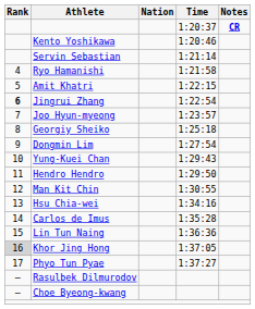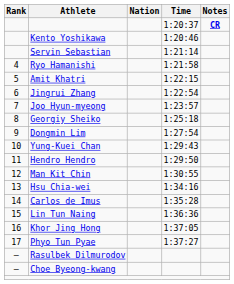 <table class="wikitable sortable" style="text-align:center;">
 <tr>
 <th scope="col" style="width: 10px;">Rank</th>
 <th scope="col">Athlete</th>
 <th scope="col">Nation</th>
 <th scope="col">Time</th>
 <th scope="col">Notes</th>
 </tr>
 <tr>
 <td></td>
 <td align=left></td>
 <td align=left></td>
 <td>1:20:37</td>
 <td><strong><a href='#'>CR</a></strong></td>
 </tr>
 <tr>
 <td></td>
 <td align=left><a href='#'>Kento Yoshikawa</a></td>
 <td align=left></td>
 <td>1:20:46</td>
 <td></td>
 </tr>
 <tr>
 <td></td>
 <td align=left><a href='#'>Servin Sebastian</a></td>
 <td align=left></td>
 <td>1:21:14</td>
 <td></td>
 </tr>
 <tr>
 <td>4</td>
 <td align=left><a href='#'>Ryo Hamanishi</a></td>
 <td align=left></td>
 <td>1:21:58</td>
 <td></td>
 </tr>
 <tr>
 <td>5</td>
 <td align=left><a href='#'>Amit Khatri</a></td>
 <td align=left></td>
 <td>1:22:15</td>
 <td></td>
 </tr>
 <tr>
-<td><strong>6</strong></td>
+<td>6</td>
 <td align=left><a href='#'>Jingrui Zhang</a></td>
 <td align=left></td>
 <td>1:22:54</td>
 <td></td>
 </tr>
 <tr>
 <td>7</td>
 <td align=left><a href='#'>Joo Hyun-myeong</a></td>
 <td align=left></td>
 <td>1:23:57</td>
 <td></td>
 </tr>
 <tr>
 <td>8</td>
 <td align=left><a href='#'>Georgiy Sheiko</a></td>
 <td align=left></td>
 <td>1:25:18</td>
 <td></td>
 </tr>
 <tr>
 <td>9</td>
 <td align=left><a href='#'>Dongmin Lim</a></td>
 <td align=left></td>
 <td>1:27:54</td>
 <td></td>
 </tr>
 <tr>
 <td>10</td>
 <td align=left><a href='#'>Yung-Kuei Chan</a></td>
 <td align=left></td>
 <td>1:29:43</td>
 <td></td>
 </tr>
 <tr>
 <td>11</td>
 <td align=left><a href='#'>Hendro Hendro</a></td>
 <td align=left></td>
 <td>1:29:50</td>
 <td></td>
 </tr>
 <tr>
 <td>12</td>
 <td align=left><a href='#'>Man Kit Chin</a></td>
 <td align=left></td>
 <td>1:30:55</td>
 <td></td>
 </tr>
 <tr>
 <td>13</td>
 <td align=left><a href='#'>Hsu Chia-wei</a></td>
 <td align=left></td>
 <td>1:34:16</td>
 <td></td>
 </tr>
 <tr>
 <td>14</td>
 <td align=left><a href='#'>Carlos de Imus</a></td>
 <td align=left></td>
 <td>1:35:28</td>
 <td></td>
 </tr>
 <tr>
 <td>15</td>
 <td align=left><a href='#'>Lin Tun Naing</a></td>
 <td align=left></td>
 <td>1:36:36</td>
 <td></td>
 </tr>
 <tr>
-<td style="background: lightgrey;">16</td>
+<td>16</td>
 <td align=left><a href='#'>Khor Jing Hong</a></td>
 <td align=left></td>
 <td>1:37:05</td>
 <td></td>
 </tr>
 <tr>
 <td>17</td>
 <td align=left><a href='#'>Phyo Tun Pyae</a></td>
 <td align=left></td>
 <td>1:37:27</td>
 <td></td>
 </tr>
 <tr>
 <td>—</td>
 <td align=left><a href='#'>Rasulbek Dilmurodov</a></td>
 <td align=left></td>
 <td></td>
 <td></td>
 </tr>
 <tr>
 <td>—</td>
 <td align=left><a href='#'>Choe Byeong-kwang</a></td>
 <td align=left></td>
 <td></td>
 <td></td>
 </tr>
 <tr class="sortbottom">
 <td colspan="5"></td>
 </tr>
 </table>
